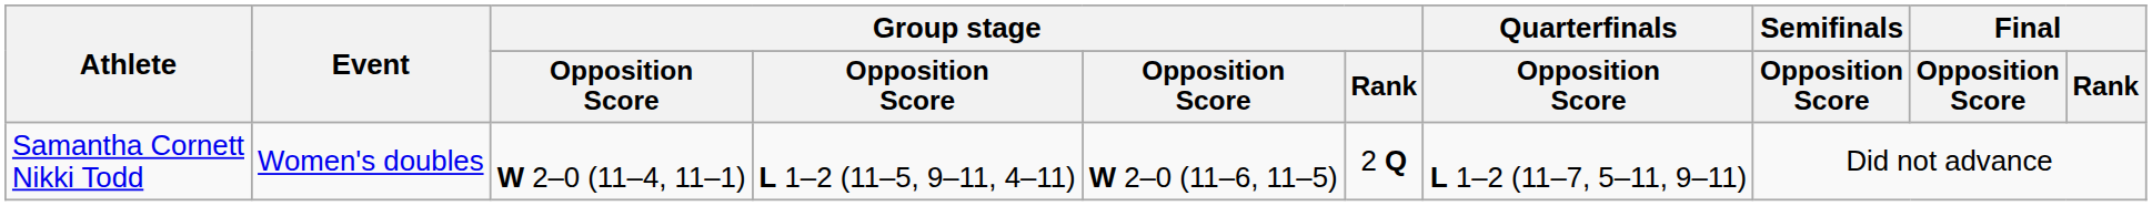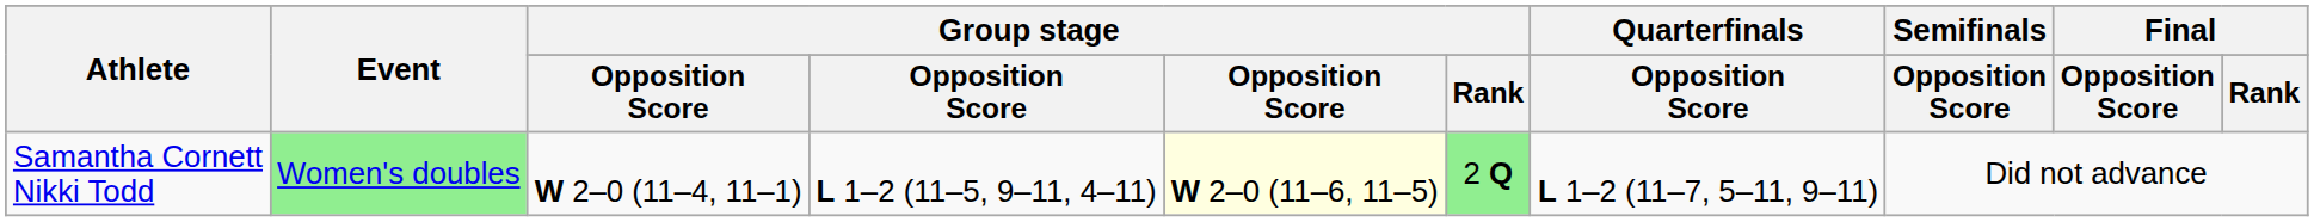 <table class=wikitable style="font-size:90%">
 <tr>
 <th rowspan=2>Athlete</th>
 <th rowspan=2>Event</th>
 <th colspan=4>Group stage</th>
 <th>Quarterfinals</th>
 <th>Semifinals</th>
 <th colspan=2>Final</th>
 </tr>
 <tr style="font-size:95%">
 <th>Opposition<br>Score</th>
 <th>Opposition<br>Score</th>
 <th>Opposition<br>Score</th>
 <th>Rank</th>
 <th>Opposition<br>Score</th>
 <th>Opposition<br>Score</th>
 <th>Opposition<br>Score</th>
 <th>Rank</th>
 </tr>
 <tr align=center>
 <td align=left><a href='#'>Samantha Cornett</a><br><a href='#'>Nikki Todd</a></td>
-<td align=left><a href='#'>Women's doubles</a></td>
+<td align=left style="background: lightgreen;"><a href='#'>Women's doubles</a></td>
 <td><br><strong>W</strong> 2–0 (11–4, 11–1)</td>
 <td><br><strong>L</strong> 1–2 (11–5, 9–11, 4–11)</td>
-<td><br><strong>W</strong> 2–0 (11–6, 11–5)</td>
-<td>2 <strong>Q</strong></td>
+<td style="background: lightyellow;"><br><strong>W</strong> 2–0 (11–6, 11–5)</td>
+<td style="background: lightgreen;">2 <strong>Q</strong></td>
 <td><br><strong>L</strong> 1–2 (11–7, 5–11, 9–11)</td>
 <td colspan=3>Did not advance</td>
 </tr>
 </table>
